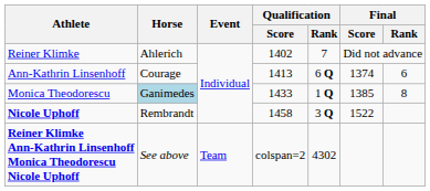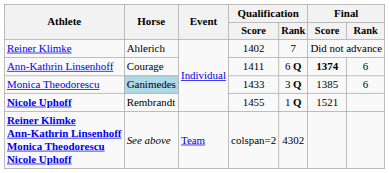 <table class=wikitable style="font-size:90%">
 <tr>
 <th rowspan="2">Athlete</th>
 <th rowspan="2">Horse</th>
 <th rowspan="2">Event</th>
 <th colspan="2">Qualification</th>
 <th colspan="2">Final</th>
 </tr>
 <tr style="font-size:95%">
 <th>Score</th>
 <th>Rank</th>
 <th>Score</th>
 <th>Rank</th>
 </tr>
 <tr align=center>
 <td align=left><a href='#'>Reiner Klimke</a></td>
 <td align=left>Ahlerich</td>
 <td align=left rowspan=4><a href='#'>Individual</a></td>
 <td>1402</td>
 <td>7</td>
 <td colspan=2>Did not advance</td>
 </tr>
 <tr align=center>
 <td align=left><a href='#'>Ann-Kathrin Linsenhoff</a></td>
 <td align=left>Courage</td>
-<td>1413</td>
+<td>1411</td>
 <td>6 <strong>Q</strong></td>
-<td>1374</td>
+<td><strong>1374</strong></td>
 <td>6</td>
 </tr>
 <tr align=center>
 <td align=left><a href='#'>Monica Theodorescu</a></td>
 <td align=left style="background: lightblue;">Ganimedes</td>
 <td>1433</td>
-<td>1 <strong>Q</strong></td>
+<td>3 <strong>Q</strong></td>
 <td>1385</td>
-<td>8</td>
+<td>6</td>
 </tr>
 <tr align=center>
 <td align=left><strong><a href='#'>Nicole Uphoff</a></strong></td>
 <td align=left>Rembrandt</td>
-<td>1458</td>
-<td>3 <strong>Q</strong></td>
-<td>1522</td>
+<td>1455</td>
+<td>1 <strong>Q</strong></td>
+<td>1521</td>
 <td></td>
 </tr>
 <tr align=center>
 <td align=left><strong><a href='#'>Reiner Klimke</a><br><a href='#'>Ann-Kathrin Linsenhoff</a><br><a href='#'>Monica Theodorescu</a><br><a href='#'>Nicole Uphoff</a></strong></td>
 <td align=left><em>See above</em></td>
 <td align=left><a href='#'>Team</a></td>
 <td>colspan=2</td>
 <td>4302</td>
 <td></td>
 </tr>
 </table>
